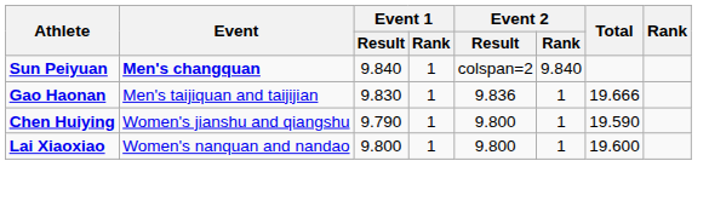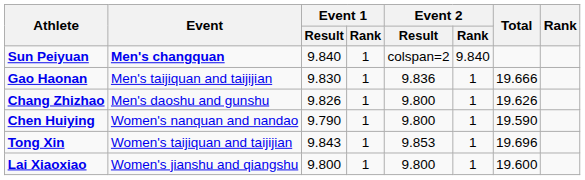 <table class=wikitable style=font-size:90%;text-align:center>
 <tr>
 <th rowspan="2">Athlete</th>
 <th rowspan="2">Event</th>
 <th colspan="2">Event 1</th>
 <th colspan="2">Event 2</th>
 <th rowspan="2">Total</th>
 <th rowspan="2">Rank</th>
 </tr>
 <tr style="font-size:95%">
 <th>Result</th>
 <th>Rank</th>
 <th>Result</th>
 <th>Rank</th>
 </tr>
 <tr>
 <td align=left><strong><a href='#'>Sun Peiyuan</a></strong></td>
 <td align=left><strong><a href='#'>Men's changquan</a></strong></td>
 <td>9.840</td>
 <td>1</td>
 <td>colspan=2 </td>
 <td>9.840</td>
 <td></td>
 </tr>
 <tr>
 <td align=left><strong><a href='#'>Gao Haonan</a></strong></td>
 <td align=left><a href='#'>Men's taijiquan and taijijian</a></td>
 <td>9.830</td>
 <td>1</td>
 <td>9.836</td>
 <td>1</td>
 <td>19.666</td>
 <td></td>
 </tr>
 <tr>
+<td align=left><strong><a href='#'>Chang Zhizhao</a></strong></td>
+<td align=left><a href='#'>Men's daoshu and gunshu</a></td>
+<td>9.826</td>
+<td>1</td>
+<td>9.800</td>
+<td>1</td>
+<td>19.626</td>
+<td></td>
+</tr>
+<tr>
 <td align=left><strong><a href='#'>Chen Huiying</a></strong></td>
-<td align=left><a href='#'>Women's jianshu and qiangshu</a></td>
+<td align=left><a href='#'>Women's nanquan and nandao</a></td>
 <td>9.790</td>
 <td>1</td>
 <td>9.800</td>
 <td>1</td>
 <td>19.590</td>
 <td></td>
 </tr>
 <tr>
+<td align=left><strong><a href='#'>Tong Xin</a></strong></td>
+<td align=left><a href='#'>Women's taijiquan and taijijian</a></td>
+<td>9.843</td>
+<td>1</td>
+<td>9.853</td>
+<td>1</td>
+<td>19.696</td>
+<td></td>
+</tr>
+<tr>
 <td align=left><strong><a href='#'>Lai Xiaoxiao</a></strong></td>
-<td align=left><a href='#'>Women's nanquan and nandao</a></td>
+<td align=left><a href='#'>Women's jianshu and qiangshu</a></td>
 <td>9.800</td>
 <td>1</td>
 <td>9.800</td>
 <td>1</td>
 <td>19.600</td>
 <td></td>
 </tr>
 </table>
